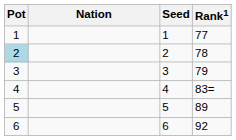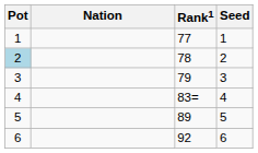 <table class="wikitable">
 <tr>
 <th>Pot</th>
 <th width="175">Nation</th>
+<th>Rank<sup>1</sup></th>
 <th>Seed</th>
-<th>Rank<sup>1</sup></th>
 </tr>
 <tr>
 <td style="text-align:center;">1</td>
 <td></td>
+<td>77</td>
 <td>1</td>
-<td>77</td>
 </tr>
 <tr>
 <td style="background: lightblue; text-align:center;">2</td>
 <td></td>
+<td>78</td>
 <td>2</td>
-<td>78</td>
 </tr>
 <tr>
 <td style="text-align:center;">3</td>
 <td></td>
+<td>79</td>
 <td>3</td>
-<td>79</td>
 </tr>
 <tr>
 <td style="text-align:center;">4</td>
 <td></td>
+<td>83=</td>
 <td>4</td>
-<td>83=</td>
 </tr>
 <tr>
 <td style="text-align:center;">5</td>
 <td></td>
+<td>89</td>
 <td>5</td>
-<td>89</td>
 </tr>
 <tr>
 <td style="text-align:center;">6</td>
 <td></td>
+<td>92</td>
 <td>6</td>
-<td>92</td>
 </tr>
 </table>
